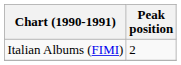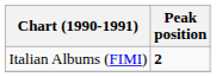 <table class="wikitable plainrowheaders">
 <tr>
 <th>Chart (1990-1991)</th>
 <th>Peak<br>position</th>
 </tr>
 <tr>
 <td>Italian Albums (<a href='#'>FIMI</a>)</td>
-<td>2</td>
+<td><strong>2</strong></td>
 </tr>
 <tr>
 </tr>
 </table>
